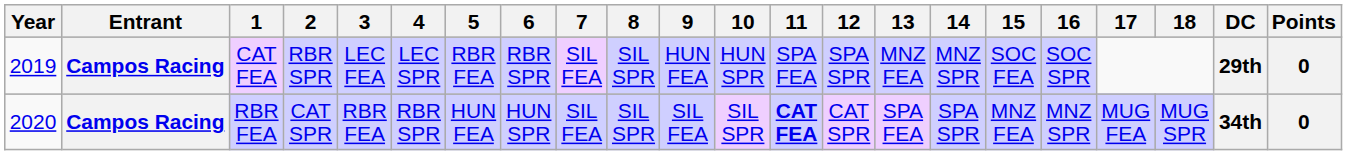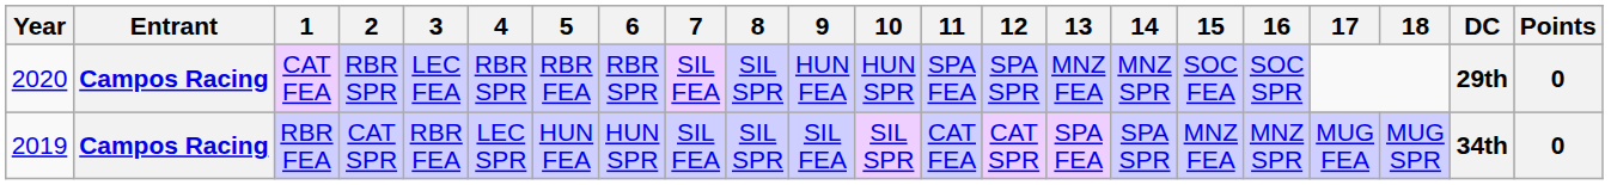 <table class="wikitable" style="text-align:center; font-size:85%">
 <tr>
 <th>Year</th>
 <th>Entrant</th>
 <th>1</th>
 <th>2</th>
 <th>3</th>
 <th>4</th>
 <th>5</th>
 <th>6</th>
 <th>7</th>
 <th>8</th>
 <th>9</th>
 <th>10</th>
 <th>11</th>
 <th>12</th>
 <th>13</th>
 <th>14</th>
 <th>15</th>
 <th>16</th>
 <th>17</th>
 <th>18</th>
 <th>DC</th>
 <th>Points</th>
 </tr>
 <tr>
-<td><a href='#'>2019</a></td>
+<td><a href='#'>2020</a></td>
 <th nowrap><a href='#'>Campos Racing</a></th>
 <td style="background:#EFCFFF;"><a href='#'>CAT<br>FEA</a><br></td>
 <td style="background:#CFCFFF;"><a href='#'>RBR<br>SPR</a><br></td>
 <td style="background:#CFCFFF;"><a href='#'>LEC<br>FEA</a><br></td>
-<td style="background:#CFCFFF;"><a href='#'>LEC<br>SPR</a><br></td>
+<td style="background:#CFCFFF;"><a href='#'>RBR<br>SPR</a><br> </td>
 <td style="background:#CFCFFF;"><a href='#'>RBR<br>FEA</a><br></td>
 <td style="background:#CFCFFF;"><a href='#'>RBR<br>SPR</a><br></td>
 <td style="background:#EFCFFF;"><a href='#'>SIL<br>FEA</a><br></td>
 <td style="background:#CFCFFF;"><a href='#'>SIL<br>SPR</a><br></td>
 <td style="background:#CFCFFF;"><a href='#'>HUN<br>FEA</a><br></td>
 <td style="background:#CFCFFF;"><a href='#'>HUN<br>SPR</a><br></td>
 <td style="background:#CFCFFF;"><a href='#'>SPA<br>FEA</a><br></td>
 <td style="background:#CFCFFF;"><a href='#'>SPA<br>SPR</a><br></td>
 <td style="background:#CFCFFF;"><a href='#'>MNZ<br>FEA</a><br></td>
 <td style="background:#CFCFFF;"><a href='#'>MNZ<br>SPR</a><br></td>
 <td style="background:#CFCFFF;"><a href='#'>SOC<br>FEA</a><br></td>
 <td style="background:#CFCFFF;"><a href='#'>SOC<br>SPR</a><br></td>
 <td colspan=2></td>
 <th>29th</th>
 <th>0</th>
 </tr>
 <tr>
-<td><a href='#'>2020</a></td>
+<td><a href='#'>2019</a></td>
 <th nowrap><a href='#'>Campos Racing</a></th>
 <td style="background:#CFCFFF;"><a href='#'>RBR<br>FEA</a><br></td>
 <td style="background:#CFCFFF;"><a href='#'>CAT<br>SPR</a><br></td>
 <td style="background:#CFCFFF;"><a href='#'>RBR<br>FEA</a><br> </td>
-<td style="background:#CFCFFF;"><a href='#'>RBR<br>SPR</a><br> </td>
+<td style="background:#CFCFFF;"><a href='#'>LEC<br>SPR</a><br></td>
 <td style="background:#CFCFFF;"><a href='#'>HUN<br>FEA</a><br> </td>
 <td style="background:#CFCFFF;"><a href='#'>HUN<br>SPR</a><br> </td>
 <td style="background:#CFCFFF;"><a href='#'>SIL<br>FEA</a><br> </td>
 <td style="background:#CFCFFF;"><a href='#'>SIL<br>SPR</a><br> </td>
 <td style="background:#CFCFFF;"><a href='#'>SIL<br>FEA</a><br> </td>
 <td style="background:#EFCFFF;"><a href='#'>SIL<br>SPR</a><br> </td>
-<td style="background:#CFCFFF;"><strong><a href='#'>CAT<br>FEA</a><br> </strong></td>
+<td style="background:#CFCFFF;"><a href='#'>CAT<br>FEA</a><br> </td>
 <td style="background:#EFCFFF;"><a href='#'>CAT<br>SPR</a><br> </td>
 <td style="background:#EFCFFF;"><a href='#'>SPA<br>FEA</a><br> </td>
 <td style="background:#CFCFFF;"><a href='#'>SPA<br>SPR</a><br> </td>
 <td style="background:#CFCFFF;"><a href='#'>MNZ<br>FEA</a><br> </td>
 <td style="background:#CFCFFF;"><a href='#'>MNZ<br>SPR</a><br></td>
 <td style="background:#CFCFFF;"><a href='#'>MUG<br>FEA</a><br></td>
 <td style="background:#CFCFFF;"><a href='#'>MUG<br>SPR</a><br></td>
 <th>34th</th>
 <th>0</th>
 </tr>
 </table>
